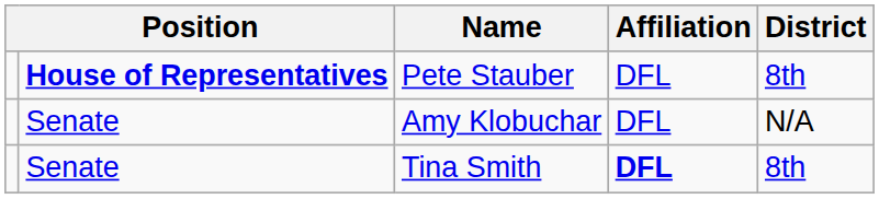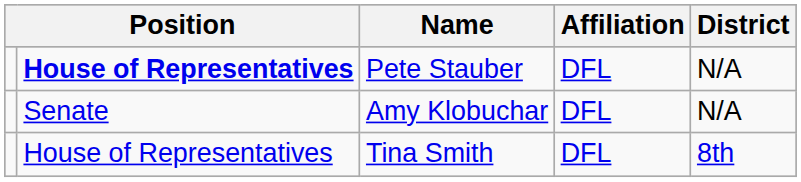 <table class="wikitable">
 <tr>
 <th colspan="2">Position</th>
 <th>Name</th>
 <th>Affiliation</th>
 <th>District</th>
 </tr>
 <tr>
 <td style="background-color:"></td>
 <td><strong><a href='#'>House of Representatives</a></strong></td>
 <td><a href='#'>Pete Stauber</a></td>
 <td><a href='#'>DFL</a></td>
-<td><a href='#'>8th</a></td>
+<td>N/A</td>
 </tr>
 <tr>
 <td style="background-color:"></td>
 <td><a href='#'>Senate</a></td>
 <td><a href='#'>Amy Klobuchar</a></td>
 <td><a href='#'>DFL</a></td>
 <td>N/A</td>
 </tr>
 <tr>
 <td style="background-color:"></td>
-<td><a href='#'>Senate</a></td>
+<td><a href='#'>House of Representatives</a></td>
 <td><a href='#'>Tina Smith</a></td>
-<td><strong><a href='#'>DFL</a></strong></td>
+<td><a href='#'>DFL</a></td>
 <td><a href='#'>8th</a></td>
 </tr>
 </table>
